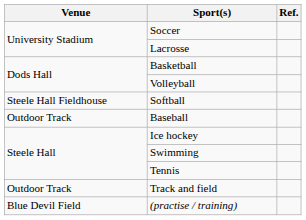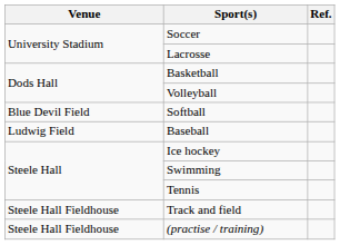 <table class="wikitable"; style= "text-align: ">
 <tr>
 <th width=200px>Venue</th>
 <th width=180px>Sport(s)</th>
 <th width=px>Ref.</th>
 </tr>
 <tr>
 <td rowspan=2>University Stadium</td>
 <td>Soccer</td>
 <td></td>
 </tr>
 <tr>
 <td>Lacrosse</td>
 <td></td>
 </tr>
 <tr>
 <td rowspan=2>Dods Hall</td>
 <td>Basketball</td>
 <td></td>
 </tr>
 <tr>
 <td>Volleyball</td>
 <td></td>
 </tr>
 <tr>
-<td>Steele Hall Fieldhouse</td>
+<td>Blue Devil Field</td>
 <td>Softball</td>
 <td></td>
 </tr>
 <tr>
-<td>Outdoor Track</td>
+<td>Ludwig Field</td>
 <td>Baseball</td>
 <td></td>
 </tr>
 <tr>
 <td rowspan=3>Steele Hall</td>
 <td>Ice hockey</td>
 <td></td>
 </tr>
 <tr>
 <td>Swimming</td>
 <td></td>
 </tr>
 <tr>
 <td>Tennis</td>
 <td></td>
 </tr>
 <tr>
-<td>Outdoor Track</td>
+<td>Steele Hall Fieldhouse</td>
 <td>Track and field</td>
 <td></td>
 </tr>
 <tr>
-<td>Blue Devil Field</td>
+<td>Steele Hall Fieldhouse</td>
 <td><em>(practise / training)</em></td>
 <td></td>
 </tr>
 </table>
